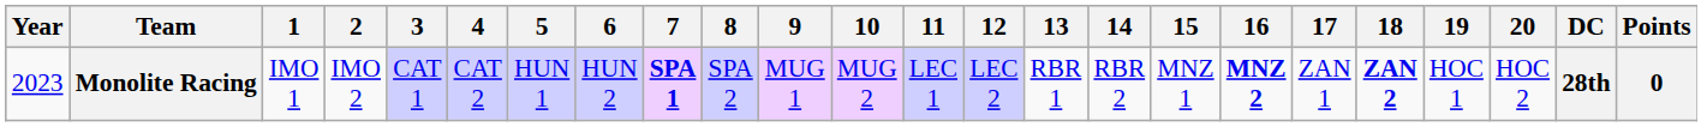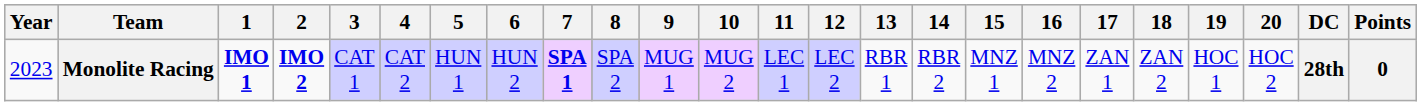 <table class="wikitable" style="text-align:center; font-size:85%">
 <tr>
 <th>Year</th>
 <th>Team</th>
 <th>1</th>
 <th>2</th>
 <th>3</th>
 <th>4</th>
 <th>5</th>
 <th>6</th>
 <th>7</th>
 <th>8</th>
 <th>9</th>
 <th>10</th>
 <th>11</th>
 <th>12</th>
 <th>13</th>
 <th>14</th>
 <th>15</th>
 <th>16</th>
 <th>17</th>
 <th>18</th>
 <th>19</th>
 <th>20</th>
 <th>DC</th>
 <th>Points</th>
 </tr>
 <tr>
 <td rowspan=2><a href='#'>2023</a></td>
 <th nowrap>Monolite Racing</th>
-<td style="background:#;"><a href='#'>IMO<br>1</a></td>
-<td style="background:#;"><a href='#'>IMO<br>2</a></td>
+<td style="background:#;"><strong><a href='#'>IMO<br>1</a></strong></td>
+<td style="background:#;"><strong><a href='#'>IMO<br>2</a></strong></td>
 <td style="background:#CFCFFF;"><a href='#'>CAT<br>1</a><br></td>
 <td style="background:#CFCFFF;"><a href='#'>CAT<br>2</a><br></td>
 <td style="background:#CFCFFF;"><a href='#'>HUN<br>1</a><br></td>
 <td style="background:#CFCFFF;"><a href='#'>HUN<br>2</a><br></td>
 <td style="background:#EFCFFF;"><strong><a href='#'>SPA<br>1</a><br></strong></td>
 <td style="background:#CFCFFF;"><a href='#'>SPA<br>2</a><br></td>
 <td style="background:#EFCFFF;"><a href='#'>MUG<br>1</a><br></td>
 <td style="background:#EFCFFF;"><a href='#'>MUG<br>2</a><br></td>
 <td style="background:#CFCFFF;"><a href='#'>LEC<br>1</a><br></td>
 <td style="background:#CFCFFF;"><a href='#'>LEC<br>2</a><br></td>
 <td style="background:#;"><a href='#'>RBR<br>1</a><br></td>
 <td style="background:#;"><a href='#'>RBR<br>2</a><br></td>
 <td style="background:#;"><a href='#'>MNZ<br>1</a><br></td>
-<td style="background:#;"><strong><a href='#'>MNZ<br>2</a><br></strong></td>
+<td style="background:#;"><a href='#'>MNZ<br>2</a><br></td>
 <td style="background:#;"><a href='#'>ZAN<br>1</a><br></td>
-<td style="background:#;"><strong><a href='#'>ZAN<br>2</a><br></strong></td>
+<td style="background:#;"><a href='#'>ZAN<br>2</a><br></td>
 <td style="background:#;"><a href='#'>HOC<br>1</a><br></td>
 <td style="background:#;"><a href='#'>HOC<br>2</a><br></td>
 <th>28th</th>
 <th>0</th>
 </tr>
 </table>
